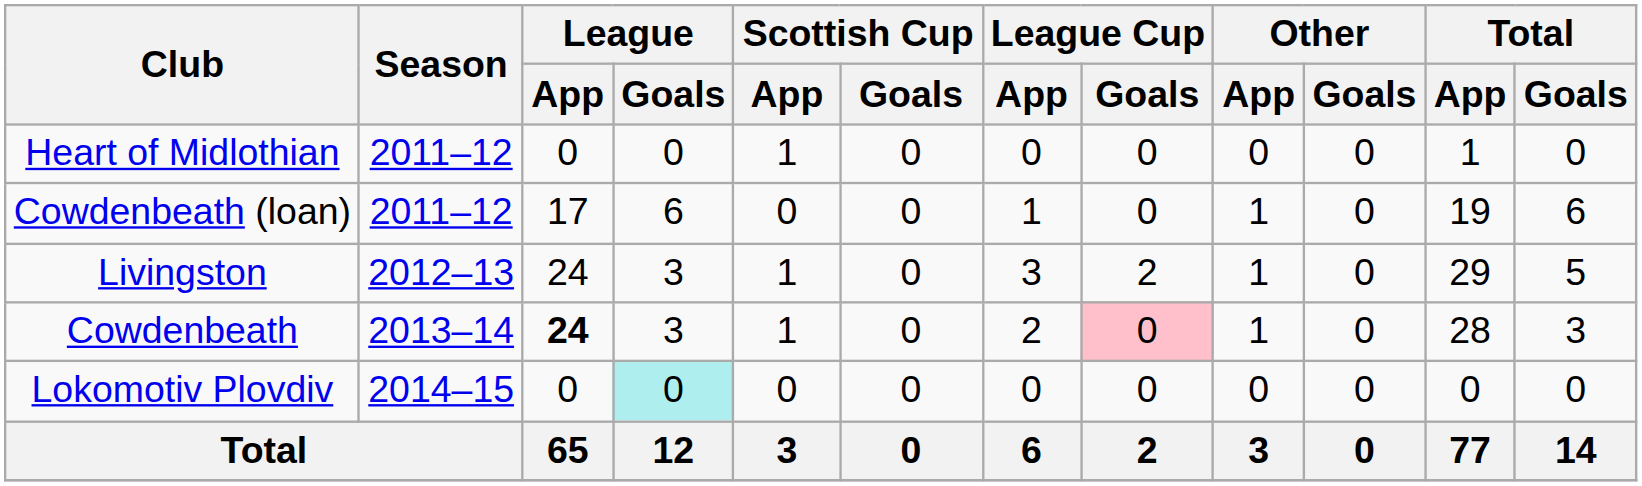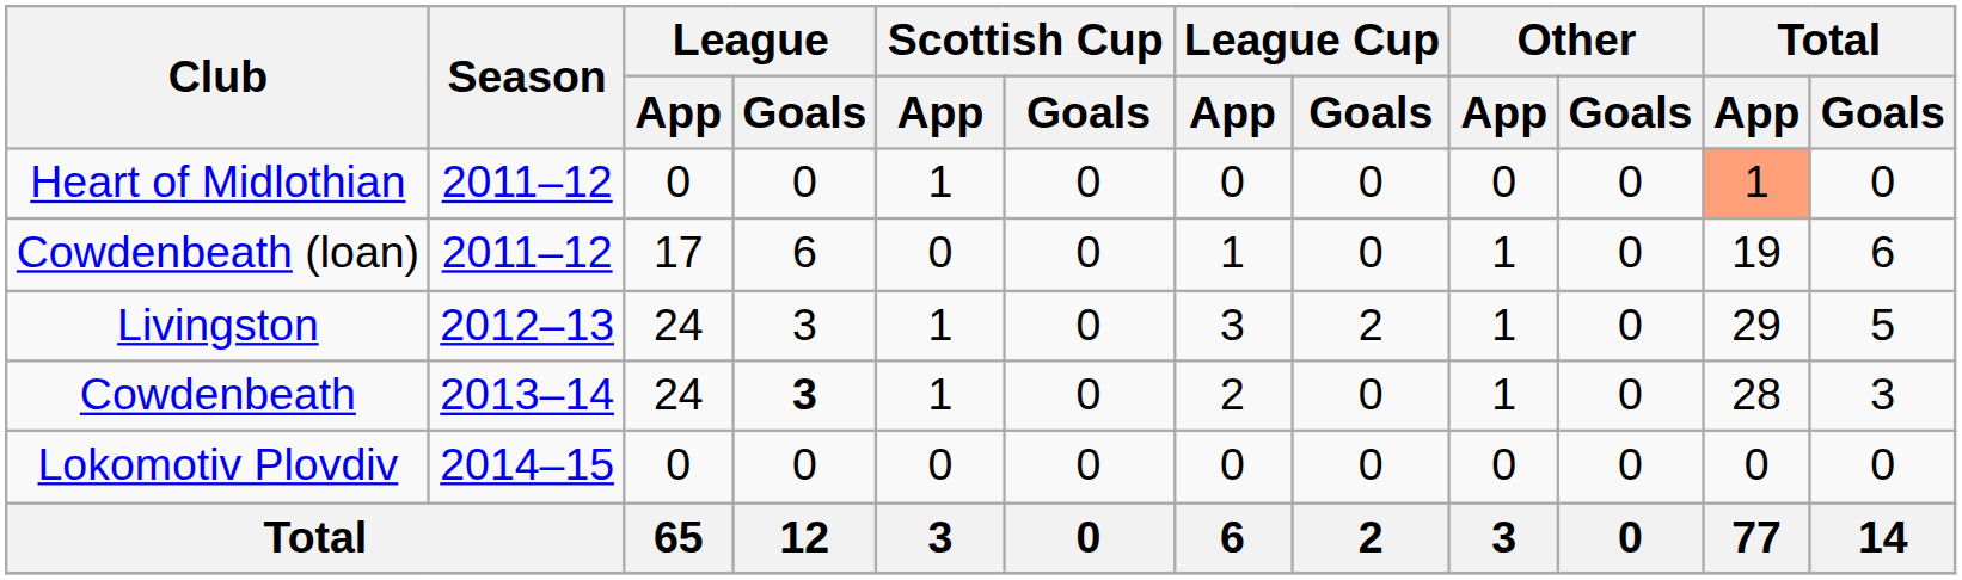 <table class="wikitable">
 <tr>
 <th rowspan=2>Club</th>
 <th rowspan=2>Season</th>
 <th colspan=2>League</th>
 <th colspan=2>Scottish Cup</th>
 <th colspan=2>League Cup</th>
 <th colspan=2>Other</th>
 <th colspan=2>Total</th>
 </tr>
 <tr>
 <th>App</th>
 <th>Goals</th>
 <th>App</th>
 <th>Goals</th>
 <th>App</th>
 <th>Goals</th>
 <th>App</th>
 <th>Goals</th>
 <th>App</th>
 <th>Goals</th>
 </tr>
 <tr align=center>
 <td rowspan=1><a href='#'>Heart of Midlothian</a></td>
 <td><a href='#'>2011–12</a></td>
 <td>0</td>
 <td>0</td>
 <td>1</td>
 <td>0</td>
 <td>0</td>
 <td>0</td>
 <td>0</td>
 <td>0</td>
-<td>1</td>
+<td style="background: lightsalmon;">1</td>
 <td>0</td>
 </tr>
 <tr align=center>
 <td rowspan=1><a href='#'>Cowdenbeath</a> (loan)</td>
 <td><a href='#'>2011–12</a></td>
 <td>17</td>
 <td>6</td>
 <td>0</td>
 <td>0</td>
 <td>1</td>
 <td>0</td>
 <td>1</td>
 <td>0</td>
 <td>19</td>
 <td>6</td>
 </tr>
 <tr align=center>
 <td rowspan=1><a href='#'>Livingston</a></td>
 <td><a href='#'>2012–13</a></td>
 <td>24</td>
 <td>3</td>
 <td>1</td>
 <td>0</td>
 <td>3</td>
 <td>2</td>
 <td>1</td>
 <td>0</td>
 <td>29</td>
 <td>5</td>
 </tr>
 <tr align=center>
 <td rowspan=1><a href='#'>Cowdenbeath</a></td>
 <td><a href='#'>2013–14</a></td>
-<td><strong>24</strong></td>
-<td>3</td>
+<td>24</td>
+<td><strong>3</strong></td>
 <td>1</td>
 <td>0</td>
 <td>2</td>
-<td style="background: pink;">0</td>
+<td>0</td>
 <td>1</td>
 <td>0</td>
 <td>28</td>
 <td>3</td>
 </tr>
 <tr align=center>
 <td rowspan=1><a href='#'>Lokomotiv Plovdiv</a></td>
 <td><a href='#'>2014–15</a></td>
 <td>0</td>
-<td style="background: paleturquoise;">0</td>
+<td>0</td>
 <td>0</td>
 <td>0</td>
 <td>0</td>
 <td>0</td>
 <td>0</td>
 <td>0</td>
 <td>0</td>
 <td>0</td>
 </tr>
 <tr align=center>
 <th colspan=2>Total</th>
 <th>65</th>
 <th>12</th>
 <th>3</th>
 <th>0</th>
 <th>6</th>
 <th>2</th>
 <th>3</th>
 <th>0</th>
 <th>77</th>
 <th>14</th>
 </tr>
 <tr>
 </tr>
 </table>
